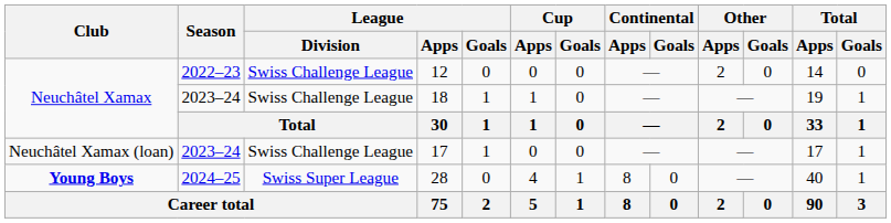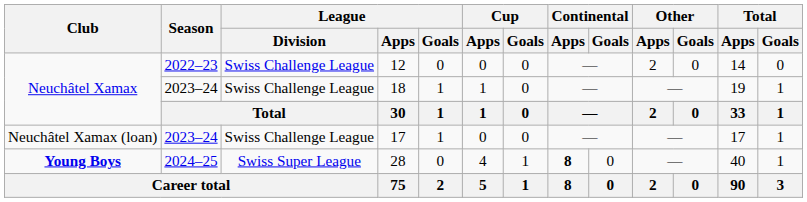 <table class="wikitable" style="text-align:center">
 <tr>
 <th rowspan="2">Club</th>
 <th rowspan="2">Season</th>
 <th colspan="3">League</th>
 <th colspan="2">Cup</th>
 <th colspan="2">Continental</th>
 <th colspan="2">Other</th>
 <th colspan="2">Total</th>
 </tr>
 <tr>
 <th>Division</th>
 <th>Apps</th>
 <th>Goals</th>
 <th>Apps</th>
 <th>Goals</th>
 <th>Apps</th>
 <th>Goals</th>
 <th>Apps</th>
 <th>Goals</th>
 <th>Apps</th>
 <th>Goals</th>
 </tr>
 <tr>
 <td rowspan="3"><a href='#'>Neuchâtel Xamax</a></td>
 <td><a href='#'>2022–23</a></td>
 <td><a href='#'>Swiss Challenge League</a></td>
 <td>12</td>
 <td>0</td>
 <td>0</td>
 <td>0</td>
 <td colspan="2">—</td>
 <td>2</td>
 <td>0</td>
 <td>14</td>
 <td>0</td>
 </tr>
 <tr>
 <td>2023–24</td>
 <td>Swiss Challenge League</td>
 <td>18</td>
 <td>1</td>
 <td>1</td>
 <td>0</td>
 <td colspan="2">—</td>
 <td colspan="2">—</td>
 <td>19</td>
 <td>1</td>
 </tr>
 <tr>
 <th colspan="2">Total</th>
 <th>30</th>
 <th>1</th>
 <th>1</th>
 <th>0</th>
 <th colspan="2">—</th>
 <th>2</th>
 <th>0</th>
 <th>33</th>
 <th>1</th>
 </tr>
 <tr>
 <td>Neuchâtel Xamax (loan)</td>
 <td><a href='#'>2023–24</a></td>
 <td>Swiss Challenge League</td>
 <td>17</td>
 <td>1</td>
 <td>0</td>
 <td>0</td>
 <td colspan="2">—</td>
 <td colspan="2">—</td>
 <td>17</td>
 <td>1</td>
 </tr>
 <tr>
 <td><strong><a href='#'>Young Boys</a></strong></td>
 <td><a href='#'>2024–25</a></td>
 <td><a href='#'>Swiss Super League</a></td>
 <td>28</td>
 <td>0</td>
 <td>4</td>
 <td>1</td>
-<td>8</td>
+<td><strong>8</strong></td>
 <td>0</td>
 <td colspan="2">—</td>
 <td>40</td>
 <td>1</td>
 </tr>
 <tr>
 <th colspan="3">Career total</th>
 <th>75</th>
 <th>2</th>
 <th>5</th>
 <th>1</th>
 <th>8</th>
 <th>0</th>
 <th>2</th>
 <th>0</th>
 <th>90</th>
 <th>3</th>
 </tr>
 </table>
